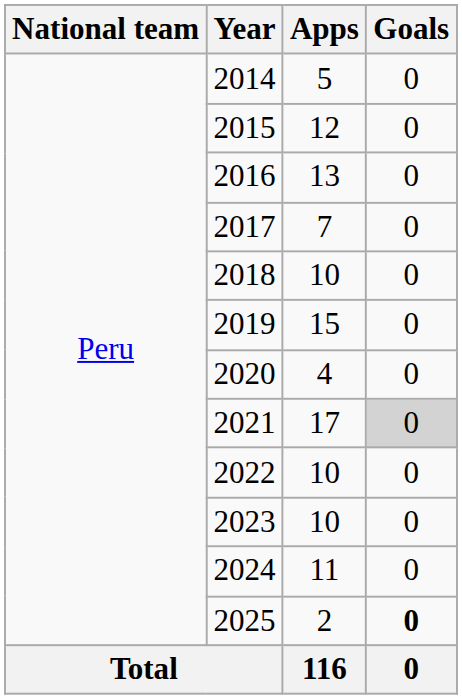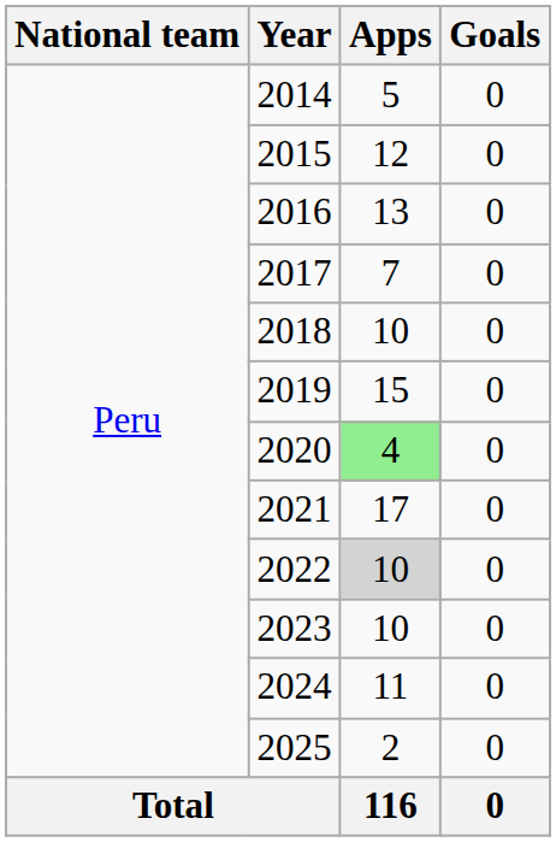 <table class="wikitable" style="text-align:center">
 <tr>
 <th>National team</th>
 <th>Year</th>
 <th>Apps</th>
 <th>Goals</th>
 </tr>
 <tr>
 <td rowspan="12"><a href='#'>Peru</a></td>
 <td>2014</td>
 <td>5</td>
 <td>0</td>
 </tr>
 <tr>
 <td>2015</td>
 <td>12</td>
 <td>0</td>
 </tr>
 <tr>
 <td>2016</td>
 <td>13</td>
 <td>0</td>
 </tr>
 <tr>
 <td>2017</td>
 <td>7</td>
 <td>0</td>
 </tr>
 <tr>
 <td>2018</td>
 <td>10</td>
 <td>0</td>
 </tr>
 <tr>
 <td>2019</td>
 <td>15</td>
 <td>0</td>
 </tr>
 <tr>
 <td>2020</td>
-<td>4</td>
+<td style="background: lightgreen;">4</td>
 <td>0</td>
 </tr>
 <tr>
 <td>2021</td>
 <td>17</td>
-<td style="background: lightgrey;">0</td>
+<td>0</td>
 </tr>
 <tr>
 <td>2022</td>
-<td>10</td>
+<td style="background: lightgrey;">10</td>
 <td>0</td>
 </tr>
 <tr>
 <td>2023</td>
 <td>10</td>
 <td>0</td>
 </tr>
 <tr>
 <td>2024</td>
 <td>11</td>
 <td>0</td>
 </tr>
 <tr>
 <td>2025</td>
 <td>2</td>
-<td><strong>0</strong></td>
+<td>0</td>
 </tr>
 <tr>
 <th colspan="2">Total</th>
 <th>116</th>
 <th>0</th>
 </tr>
 </table>
